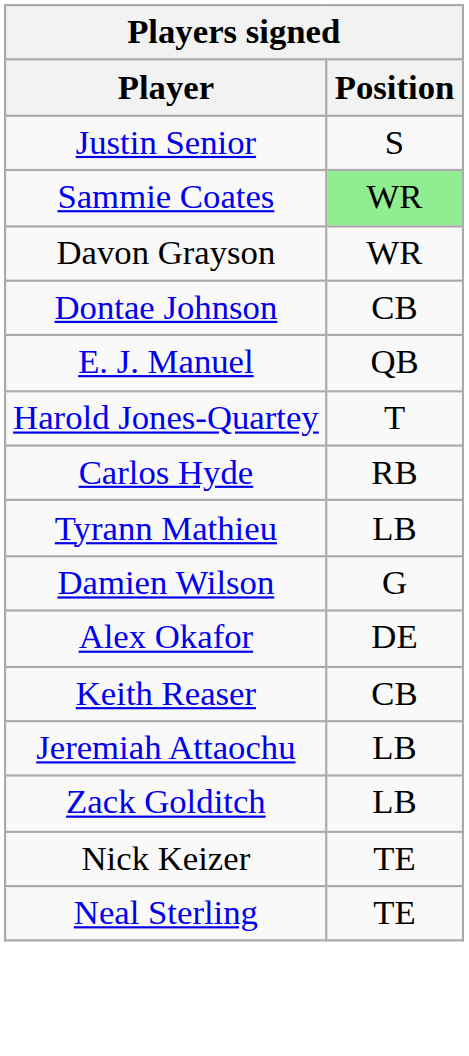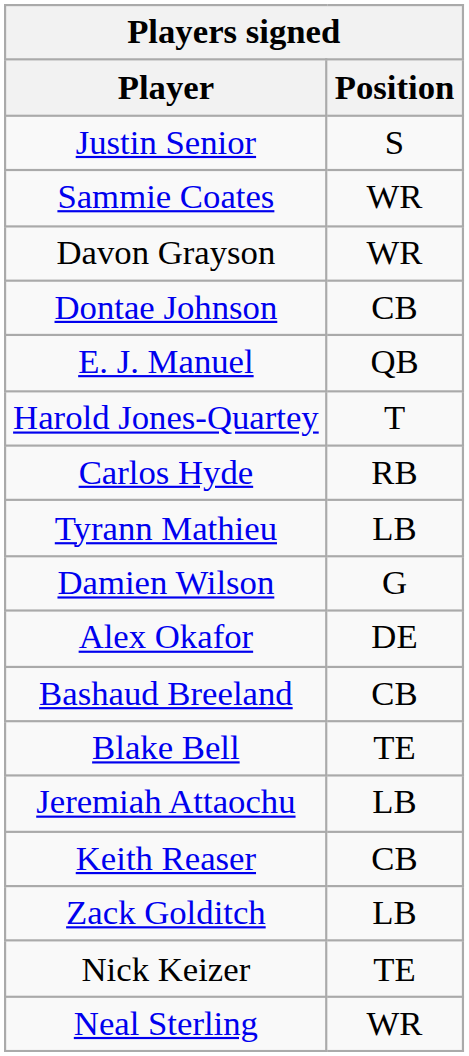 <table class="wikitable" style="text-align:center">
 <tr>
 <th colspan=2>Players signed</th>
 </tr>
 <tr>
 <th>Player</th>
 <th>Position</th>
 </tr>
 <tr>
 <td><a href='#'>Justin Senior</a></td>
 <td>S</td>
 </tr>
 <tr>
 <td><a href='#'>Sammie Coates</a></td>
-<td style="background: lightgreen;">WR</td>
+<td>WR</td>
 </tr>
 <tr>
 <td>Davon Grayson</td>
 <td>WR</td>
 </tr>
 <tr>
 <td><a href='#'>Dontae Johnson</a></td>
 <td>CB</td>
 </tr>
 <tr>
 <td><a href='#'>E. J. Manuel</a></td>
 <td>QB</td>
 </tr>
 <tr>
 <td><a href='#'>Harold Jones-Quartey</a></td>
 <td>T</td>
 </tr>
 <tr>
 <td><a href='#'>Carlos Hyde</a></td>
 <td>RB</td>
 </tr>
 <tr>
 <td><a href='#'>Tyrann Mathieu</a></td>
 <td>LB</td>
 </tr>
 <tr>
 <td><a href='#'>Damien Wilson</a></td>
 <td>G</td>
 </tr>
 <tr>
 <td><a href='#'>Alex Okafor</a></td>
 <td>DE</td>
 </tr>
 <tr>
-<td><a href='#'>Keith Reaser</a></td>
+<td><a href='#'>Bashaud Breeland</a></td>
 <td>CB</td>
+</tr>
+<tr>
+<td><a href='#'>Blake Bell</a></td>
+<td>TE</td>
 </tr>
 <tr>
 <td><a href='#'>Jeremiah Attaochu</a></td>
 <td>LB</td>
+</tr>
+<tr>
+<td><a href='#'>Keith Reaser</a></td>
+<td>CB</td>
 </tr>
 <tr>
 <td><a href='#'>Zack Golditch</a></td>
 <td>LB</td>
 </tr>
 <tr>
 <td>Nick Keizer</td>
 <td>TE</td>
 </tr>
 <tr>
 <td><a href='#'>Neal Sterling</a></td>
-<td>TE</td>
+<td>WR</td>
 </tr>
 </table>
